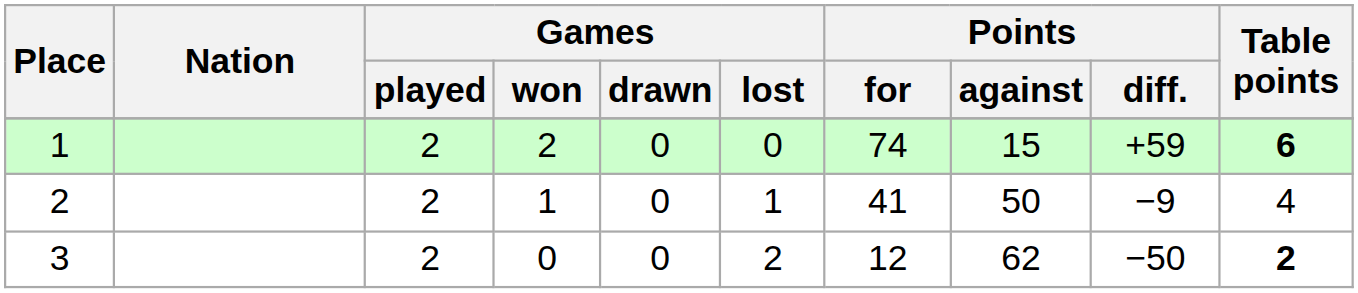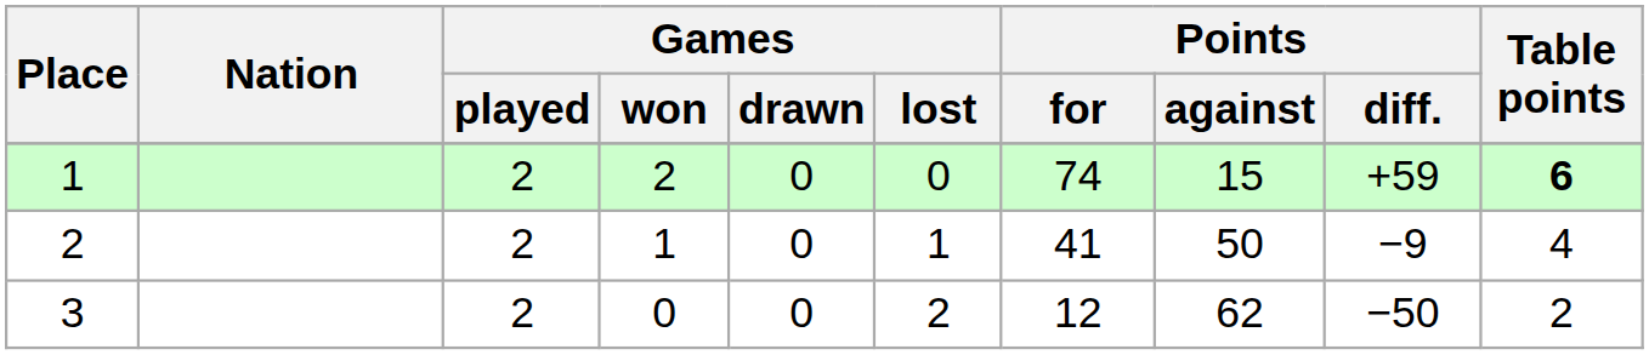 <table class="wikitable">
 <tr>
 <th rowspan=2 width="8%">Place</th>
 <th rowspan=2 width="20%">Nation</th>
 <th colspan=4 width="32%">Games</th>
 <th colspan=3 width="30%">Points</th>
 <th rowspan=2 width="10%">Table<br>points</th>
 </tr>
 <tr>
 <th width="8%">played</th>
 <th width="8%">won</th>
 <th width="8%">drawn</th>
 <th width="8%">lost</th>
 <th width="10%">for</th>
 <th width="10%">against</th>
 <th width="10%">diff.</th>
 </tr>
 <tr>
 </tr>
 <tr bgcolor=#ccffcc align=center>
 <td>1</td>
 <td align=left></td>
 <td>2</td>
 <td>2</td>
 <td>0</td>
 <td>0</td>
 <td>74</td>
 <td>15</td>
 <td>+59</td>
 <td><strong>6</strong></td>
 </tr>
 <tr bgcolor=#ffffff align=center>
 <td>2</td>
 <td align=left></td>
 <td>2</td>
 <td>1</td>
 <td>0</td>
 <td>1</td>
 <td>41</td>
 <td>50</td>
 <td>−9</td>
 <td>4</td>
 </tr>
 <tr bgcolor=#ffffff align=center>
 <td>3</td>
 <td align=left></td>
 <td>2</td>
 <td>0</td>
 <td>0</td>
 <td>2</td>
 <td>12</td>
 <td>62</td>
 <td>−50</td>
-<td><strong>2</strong></td>
+<td>2</td>
 </tr>
 </table>
